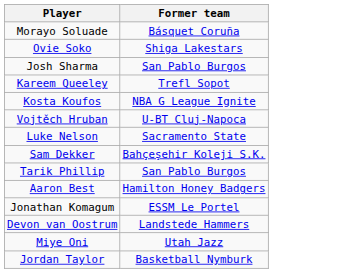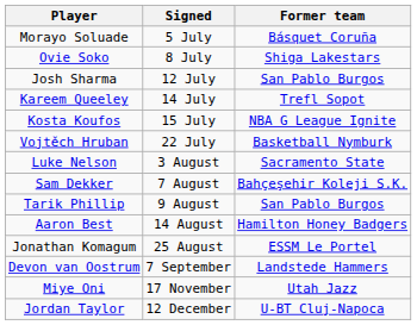 <table class="wikitable sortable sortable" style="text-align: center">
 <tr>
 <th>Player</th>
+<th>Signed</th>
 <th>Former team</th>
 </tr>
 <tr>
 <td>Morayo Soluade</td>
+<td>5 July</td>
 <td><a href='#'>Básquet Coruña</a></td>
 </tr>
 <tr>
 <td><a href='#'>Ovie Soko</a></td>
+<td>8 July</td>
 <td><a href='#'>Shiga Lakestars</a></td>
 </tr>
 <tr>
 <td>Josh Sharma</td>
+<td>12 July</td>
 <td><a href='#'>San Pablo Burgos</a></td>
 </tr>
 <tr>
 <td><a href='#'>Kareem Queeley</a></td>
+<td>14 July</td>
 <td><a href='#'>Trefl Sopot</a></td>
 </tr>
 <tr>
 <td><a href='#'>Kosta Koufos</a></td>
+<td>15 July</td>
 <td><a href='#'>NBA G League Ignite</a></td>
 </tr>
 <tr>
 <td><a href='#'>Vojtěch Hruban</a></td>
-<td><a href='#'>U-BT Cluj-Napoca</a></td>
+<td>22 July</td>
+<td><a href='#'>Basketball Nymburk</a></td>
 </tr>
 <tr>
 <td><a href='#'>Luke Nelson</a></td>
+<td>3 August</td>
 <td><a href='#'>Sacramento State</a></td>
 </tr>
 <tr>
 <td><a href='#'>Sam Dekker</a></td>
+<td>7 August</td>
 <td><a href='#'>Bahçeşehir Koleji S.K.</a></td>
 </tr>
 <tr>
 <td><a href='#'>Tarik Phillip</a></td>
+<td>9 August</td>
 <td><a href='#'>San Pablo Burgos</a></td>
 </tr>
 <tr>
 <td><a href='#'>Aaron Best</a></td>
+<td>14 August</td>
 <td><a href='#'>Hamilton Honey Badgers</a></td>
 </tr>
 <tr>
 <td>Jonathan Komagum</td>
+<td>25 August</td>
 <td><a href='#'>ESSM Le Portel</a></td>
 </tr>
 <tr>
 <td><a href='#'>Devon van Oostrum</a></td>
+<td>7 September</td>
 <td><a href='#'>Landstede Hammers</a></td>
 </tr>
 <tr>
 <td><a href='#'>Miye Oni</a></td>
+<td>17 November</td>
 <td><a href='#'>Utah Jazz</a></td>
 </tr>
 <tr>
 <td><a href='#'>Jordan Taylor</a></td>
-<td><a href='#'>Basketball Nymburk</a></td>
+<td>12 December</td>
+<td><a href='#'>U-BT Cluj-Napoca</a></td>
 </tr>
 </table>
